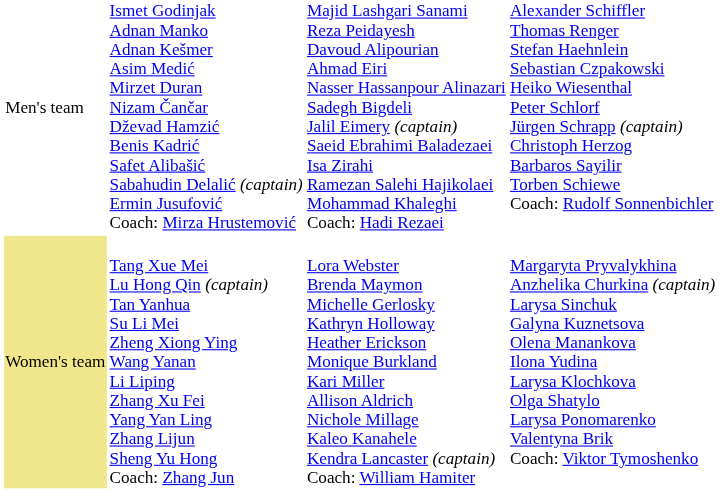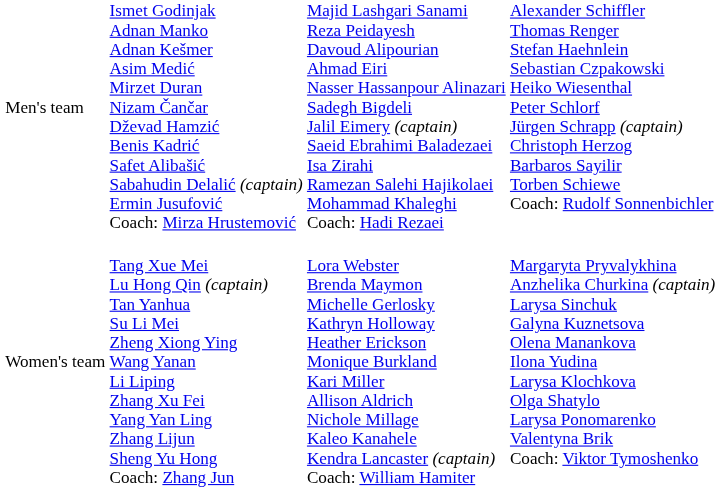 <table>
 <tr>
 <td>Men's team</td>
 <td valign="top"><br><a href='#'>Ismet Godinjak</a><br><a href='#'>Adnan Manko</a><br><a href='#'>Adnan Kešmer</a><br><a href='#'>Asim Medić</a><br><a href='#'>Mirzet Duran</a><br><a href='#'>Nizam Čančar</a><br><a href='#'>Dževad Hamzić</a><br><a href='#'>Benis Kadrić</a><br><a href='#'>Safet Alibašić</a><br><a href='#'>Sabahudin Delalić</a> <em>(captain)</em><br><a href='#'>Ermin Jusufović</a><br>Coach: <a href='#'>Mirza Hrustemović</a></td>
 <td valign="top"><br><a href='#'>Majid Lashgari Sanami</a><br><a href='#'>Reza Peidayesh</a><br><a href='#'>Davoud Alipourian</a><br><a href='#'>Ahmad Eiri</a><br><a href='#'>Nasser Hassanpour Alinazari</a><br><a href='#'>Sadegh Bigdeli</a><br><a href='#'>Jalil Eimery</a> <em>(captain)</em><br><a href='#'>Saeid Ebrahimi Baladezaei</a><br><a href='#'>Isa Zirahi</a><br><a href='#'>Ramezan Salehi Hajikolaei</a><br><a href='#'>Mohammad Khaleghi</a><br>Coach: <a href='#'>Hadi Rezaei</a></td>
 <td valign="top"><br><a href='#'>Alexander Schiffler</a><br><a href='#'>Thomas Renger</a><br><a href='#'>Stefan Haehnlein</a><br><a href='#'>Sebastian Czpakowski</a><br><a href='#'>Heiko Wiesenthal</a><br><a href='#'>Peter Schlorf</a><br><a href='#'>Jürgen Schrapp</a> <em>(captain)</em><br><a href='#'>Christoph Herzog</a><br><a href='#'>Barbaros Sayilir</a><br><a href='#'>Torben Schiewe</a><br>Coach: <a href='#'>Rudolf Sonnenbichler</a></td>
 </tr>
 <tr>
-<td style="background: khaki;">Women's team</td>
+<td>Women's team</td>
 <td valign="top"><br><a href='#'>Tang Xue Mei</a><br><a href='#'>Lu Hong Qin</a> <em>(captain)</em><br><a href='#'>Tan Yanhua</a><br><a href='#'>Su Li Mei</a><br><a href='#'>Zheng Xiong Ying</a><br><a href='#'>Wang Yanan</a><br><a href='#'>Li Liping</a><br><a href='#'>Zhang Xu Fei</a><br><a href='#'>Yang Yan Ling</a><br><a href='#'>Zhang Lijun</a><br><a href='#'>Sheng Yu Hong</a><br>Coach: <a href='#'>Zhang Jun</a></td>
 <td valign="top"><br><a href='#'>Lora Webster</a><br><a href='#'>Brenda Maymon</a><br><a href='#'>Michelle Gerlosky</a><br><a href='#'>Kathryn Holloway</a><br><a href='#'>Heather Erickson</a><br><a href='#'>Monique Burkland</a><br><a href='#'>Kari Miller</a><br><a href='#'>Allison Aldrich</a><br><a href='#'>Nichole Millage</a><br><a href='#'>Kaleo Kanahele</a><br><a href='#'>Kendra Lancaster</a> <em>(captain)</em><br>Coach: <a href='#'>William Hamiter</a></td>
 <td valign="top"><br><a href='#'>Margaryta Pryvalykhina</a><br><a href='#'>Anzhelika Churkina</a> <em>(captain)</em><br><a href='#'>Larysa Sinchuk</a><br><a href='#'>Galyna Kuznetsova</a><br><a href='#'>Olena Manankova</a><br><a href='#'>Ilona Yudina</a><br><a href='#'>Larysa Klochkova</a><br><a href='#'>Olga Shatylo</a><br><a href='#'>Larysa Ponomarenko</a><br><a href='#'>Valentyna Brik</a><br>Coach: <a href='#'>Viktor Tymoshenko</a></td>
 </tr>
 </table>
